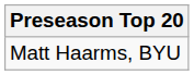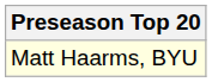 <table class="wikitable">
 <tr>
 <th>Preseason Top 20</th>
 </tr>
 <tr>
-<td>Matt Haarms, BYU</td>
+<td style="background: lightyellow;">Matt Haarms, BYU</td>
 </tr>
 </table>
